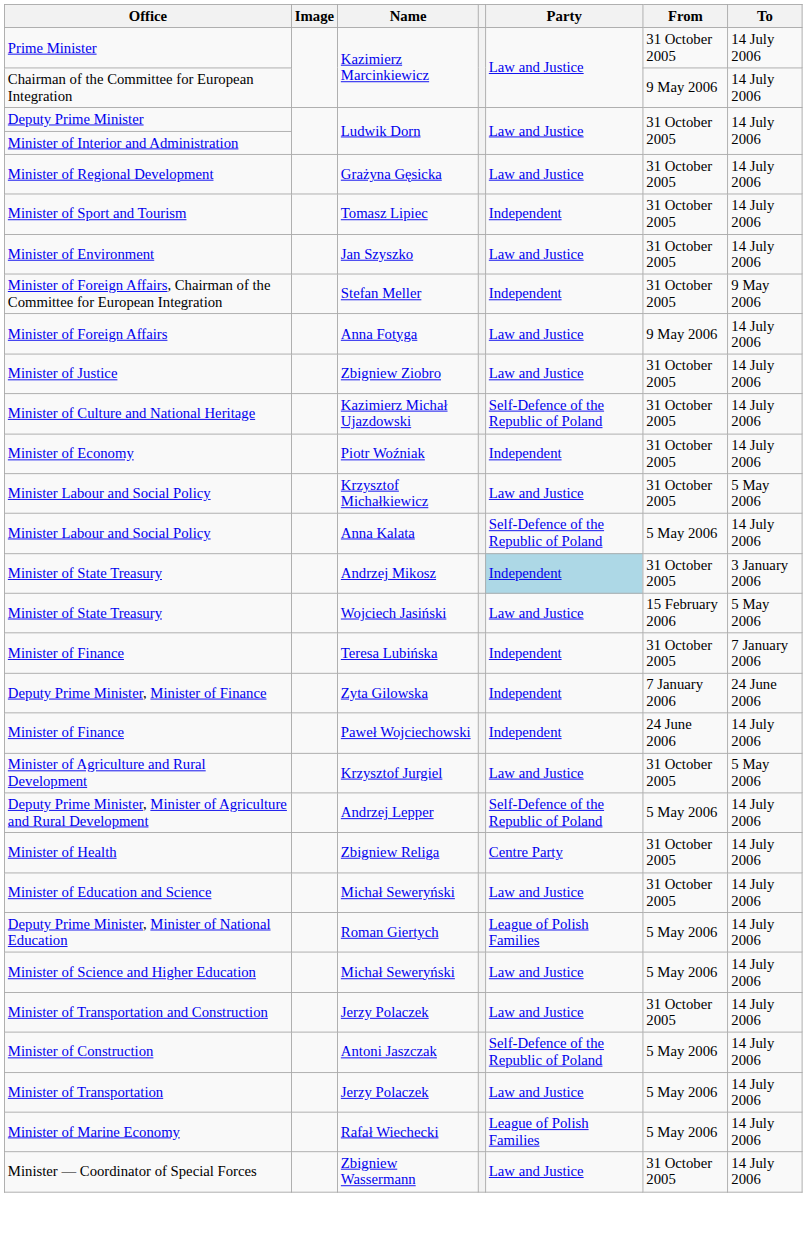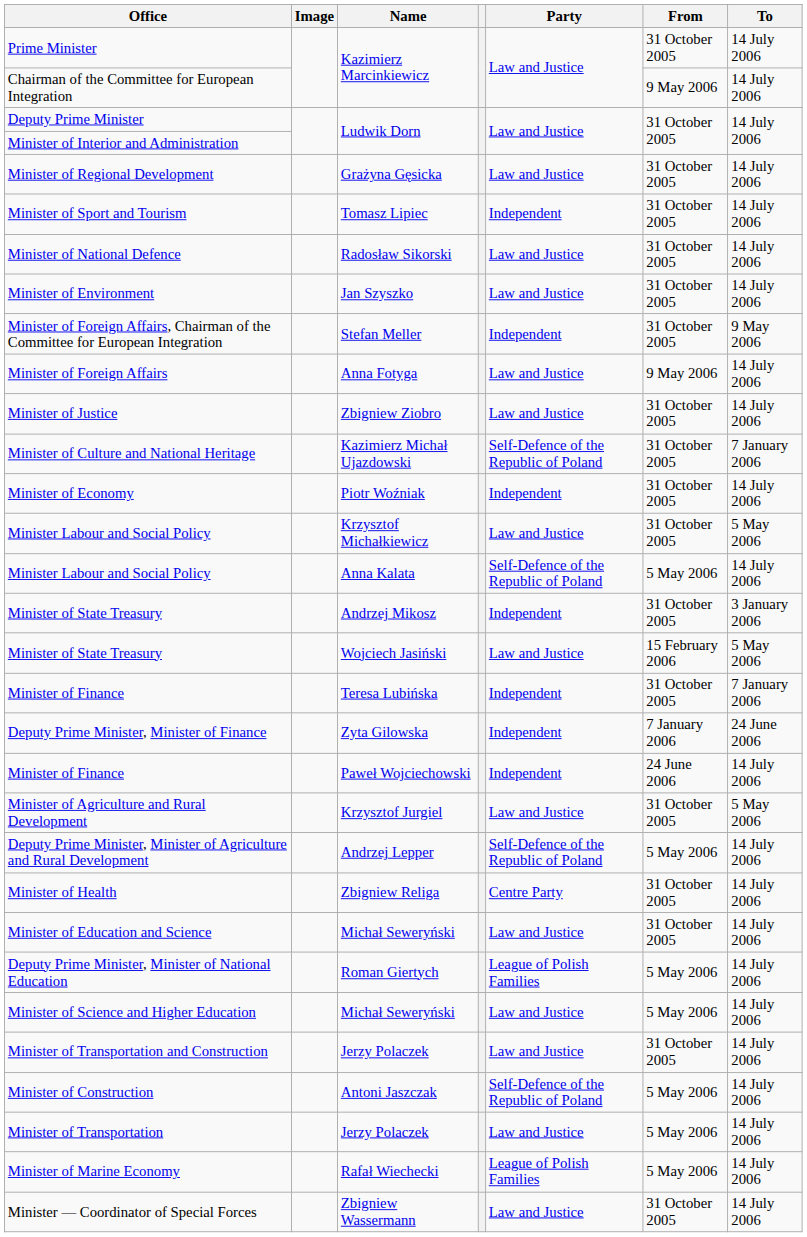 <table class="wikitable">
 <tr>
 <th>Office</th>
 <th>Image</th>
 <th>Name</th>
 <th></th>
 <th>Party</th>
 <th>From</th>
 <th>To</th>
 </tr>
 <tr>
 <td><a href='#'>Prime Minister</a></td>
 <td rowspan="2"></td>
 <td rowspan="2"><a href='#'>Kazimierz Marcinkiewicz</a></td>
 <th rowspan="2" style="background:"></th>
 <td rowspan="2"><a href='#'>Law and Justice</a></td>
 <td>31 October  2005</td>
 <td>14 July 2006</td>
 </tr>
 <tr>
 <td>Chairman of the Committee for European Integration</td>
 <td>9 May 2006</td>
 <td>14 July 2006</td>
 </tr>
 <tr>
 <td><a href='#'>Deputy Prime Minister</a></td>
 <td rowspan="2"></td>
 <td rowspan="2"><a href='#'>Ludwik Dorn</a></td>
 <th rowspan="2" style="background:"></th>
 <td rowspan="2"><a href='#'>Law and Justice</a></td>
 <td rowspan="2">31 October 2005</td>
 <td rowspan="2">14 July 2006</td>
 </tr>
 <tr>
 <td><a href='#'>Minister of Interior and Administration</a></td>
 </tr>
 <tr>
 <td><a href='#'>Minister of Regional Development</a></td>
 <td></td>
 <td><a href='#'>Grażyna Gęsicka</a></td>
 <th style="background:"></th>
 <td><a href='#'>Law and Justice</a></td>
 <td>31 October 2005</td>
 <td>14 July 2006</td>
 </tr>
 <tr>
 <td><a href='#'>Minister of Sport and Tourism</a></td>
 <td></td>
 <td><a href='#'>Tomasz Lipiec</a></td>
 <th style="background:"></th>
 <td><a href='#'>Independent</a></td>
 <td>31 October 2005</td>
 <td>14 July 2006</td>
 </tr>
 <tr>
+<td><a href='#'>Minister of National Defence</a></td>
+<td></td>
+<td><a href='#'>Radosław Sikorski</a></td>
+<th style="background:"></th>
+<td><a href='#'>Law and Justice</a></td>
+<td>31 October 2005</td>
+<td>14 July 2006</td>
+</tr>
+<tr>
 <td><a href='#'>Minister of Environment</a></td>
 <td></td>
 <td><a href='#'>Jan Szyszko</a></td>
 <th style="background:"></th>
 <td><a href='#'>Law and Justice</a></td>
 <td>31 October 2005</td>
 <td>14 July 2006</td>
 </tr>
 <tr>
 <td><a href='#'>Minister of Foreign Affairs</a>, Chairman of the Committee for European Integration</td>
 <td></td>
 <td><a href='#'>Stefan Meller</a></td>
 <th style="background:"></th>
 <td><a href='#'>Independent</a></td>
 <td>31 October 2005</td>
 <td>9 May 2006</td>
 </tr>
 <tr>
 <td><a href='#'>Minister of Foreign Affairs</a></td>
 <td></td>
 <td><a href='#'>Anna Fotyga</a></td>
 <th style="background:"></th>
 <td><a href='#'>Law and Justice</a></td>
 <td>9 May 2006</td>
 <td>14 July 2006</td>
 </tr>
 <tr>
 <td><a href='#'>Minister of Justice</a></td>
 <td></td>
 <td><a href='#'>Zbigniew Ziobro</a></td>
 <th style="background:"></th>
 <td><a href='#'>Law and Justice</a></td>
 <td>31 October 2005</td>
 <td>14 July 2006</td>
 </tr>
 <tr>
 <td><a href='#'>Minister of Culture and National Heritage</a></td>
 <td></td>
 <td><a href='#'>Kazimierz Michał Ujazdowski</a></td>
 <th style="background:"></th>
 <td><a href='#'>Self-Defence of the Republic of Poland</a></td>
 <td>31 October 2005</td>
-<td>14 July 2006</td>
+<td>7 January 2006</td>
 </tr>
 <tr>
 <td><a href='#'>Minister of Economy</a></td>
 <td></td>
 <td><a href='#'>Piotr Woźniak</a></td>
 <th style="background:"></th>
 <td><a href='#'>Independent</a></td>
 <td>31 October 2005</td>
 <td>14 July 2006</td>
 </tr>
 <tr>
 <td><a href='#'>Minister Labour and Social Policy</a></td>
 <td></td>
 <td><a href='#'>Krzysztof Michałkiewicz</a></td>
 <th style="background:"></th>
 <td><a href='#'>Law and Justice</a></td>
 <td>31 October 2005</td>
 <td>5 May 2006</td>
 </tr>
 <tr>
 <td><a href='#'>Minister Labour and Social Policy</a></td>
 <td></td>
 <td><a href='#'>Anna Kalata</a></td>
 <th style="background:"></th>
 <td><a href='#'>Self-Defence of the Republic of Poland</a></td>
 <td>5 May 2006</td>
 <td>14 July 2006</td>
 </tr>
 <tr>
 <td><a href='#'>Minister of State Treasury</a></td>
 <td></td>
 <td><a href='#'>Andrzej Mikosz</a></td>
 <th style="background:"></th>
-<td style="background: lightblue;"><a href='#'>Independent</a></td>
+<td><a href='#'>Independent</a></td>
 <td>31 October 2005</td>
 <td>3 January 2006</td>
 </tr>
 <tr>
 <td><a href='#'>Minister of State Treasury</a></td>
 <td></td>
 <td><a href='#'>Wojciech Jasiński</a></td>
 <th style="background:"></th>
 <td><a href='#'>Law and Justice</a></td>
 <td>15 February 2006</td>
 <td>5 May 2006</td>
 </tr>
 <tr>
 <td><a href='#'>Minister of Finance</a></td>
 <td></td>
 <td><a href='#'>Teresa Lubińska</a></td>
 <th style="background:"></th>
 <td><a href='#'>Independent</a></td>
 <td>31 October 2005</td>
 <td>7 January 2006</td>
 </tr>
 <tr>
 <td><a href='#'>Deputy Prime Minister</a>, <a href='#'>Minister of Finance</a></td>
 <td></td>
 <td><a href='#'>Zyta Gilowska</a></td>
 <th style="background:"></th>
 <td><a href='#'>Independent</a></td>
 <td>7 January 2006</td>
 <td>24 June 2006</td>
 </tr>
 <tr>
 <td><a href='#'>Minister of Finance</a></td>
 <td></td>
 <td><a href='#'>Paweł Wojciechowski</a></td>
 <th style="background:"></th>
 <td><a href='#'>Independent</a></td>
 <td>24 June 2006</td>
 <td>14 July 2006</td>
 </tr>
 <tr>
 <td><a href='#'>Minister of Agriculture and Rural Development</a></td>
 <td></td>
 <td><a href='#'>Krzysztof Jurgiel</a></td>
 <th style="background:"></th>
 <td><a href='#'>Law and Justice</a></td>
 <td>31 October 2005</td>
 <td>5 May 2006</td>
 </tr>
 <tr>
 <td><a href='#'>Deputy Prime Minister</a>, <a href='#'>Minister of Agriculture and Rural Development</a></td>
 <td></td>
 <td><a href='#'>Andrzej Lepper</a></td>
 <th style="background:"></th>
 <td><a href='#'>Self-Defence of the Republic of Poland</a></td>
 <td>5 May 2006</td>
 <td>14 July 2006</td>
 </tr>
 <tr>
 <td><a href='#'>Minister of Health</a></td>
 <td></td>
 <td><a href='#'>Zbigniew Religa</a></td>
 <th style="background:"></th>
 <td><a href='#'>Centre Party</a></td>
 <td>31 October 2005</td>
 <td>14 July 2006</td>
 </tr>
 <tr>
 <td><a href='#'>Minister of Education and Science</a></td>
 <td></td>
 <td><a href='#'>Michał Seweryński</a></td>
 <th style="background:"></th>
 <td><a href='#'>Law and Justice</a></td>
 <td>31 October 2005</td>
 <td>14 July 2006</td>
 </tr>
 <tr>
 <td><a href='#'>Deputy Prime Minister</a>, <a href='#'>Minister of National Education</a></td>
 <td></td>
 <td><a href='#'>Roman Giertych</a></td>
 <th style="background:"></th>
 <td><a href='#'>League of Polish Families</a></td>
 <td>5 May 2006</td>
 <td>14 July 2006</td>
 </tr>
 <tr>
 <td><a href='#'>Minister of Science and Higher Education</a></td>
 <td></td>
 <td><a href='#'>Michał Seweryński</a></td>
 <th style="background:"></th>
 <td><a href='#'>Law and Justice</a></td>
 <td>5 May 2006</td>
 <td>14 July 2006</td>
 </tr>
 <tr>
 <td><a href='#'>Minister of Transportation and Construction</a></td>
 <td></td>
 <td><a href='#'>Jerzy Polaczek</a></td>
 <th style="background:"></th>
 <td><a href='#'>Law and Justice</a></td>
 <td>31 October 2005</td>
 <td>14 July 2006</td>
 </tr>
 <tr>
 <td><a href='#'>Minister of Construction</a></td>
 <td></td>
 <td><a href='#'>Antoni Jaszczak</a></td>
 <th style="background:"></th>
 <td><a href='#'>Self-Defence of the Republic of Poland</a></td>
 <td>5 May 2006</td>
 <td>14 July 2006</td>
 </tr>
 <tr>
 <td><a href='#'>Minister of Transportation</a></td>
 <td></td>
 <td><a href='#'>Jerzy Polaczek</a></td>
 <th style="background:"></th>
 <td><a href='#'>Law and Justice</a></td>
 <td>5 May 2006</td>
 <td>14 July 2006</td>
 </tr>
 <tr>
 <td><a href='#'>Minister of Marine Economy</a></td>
 <td></td>
 <td><a href='#'>Rafał Wiechecki</a></td>
 <th style="background:"></th>
 <td><a href='#'>League of Polish Families</a></td>
 <td>5 May 2006</td>
 <td>14 July 2006</td>
 </tr>
 <tr>
 <td>Minister — Coordinator of Special Forces</td>
 <td></td>
 <td><a href='#'>Zbigniew Wassermann</a></td>
 <th style="background:"></th>
 <td><a href='#'>Law and Justice</a></td>
 <td>31 October 2005</td>
 <td>14 July 2006</td>
 </tr>
 </table>
